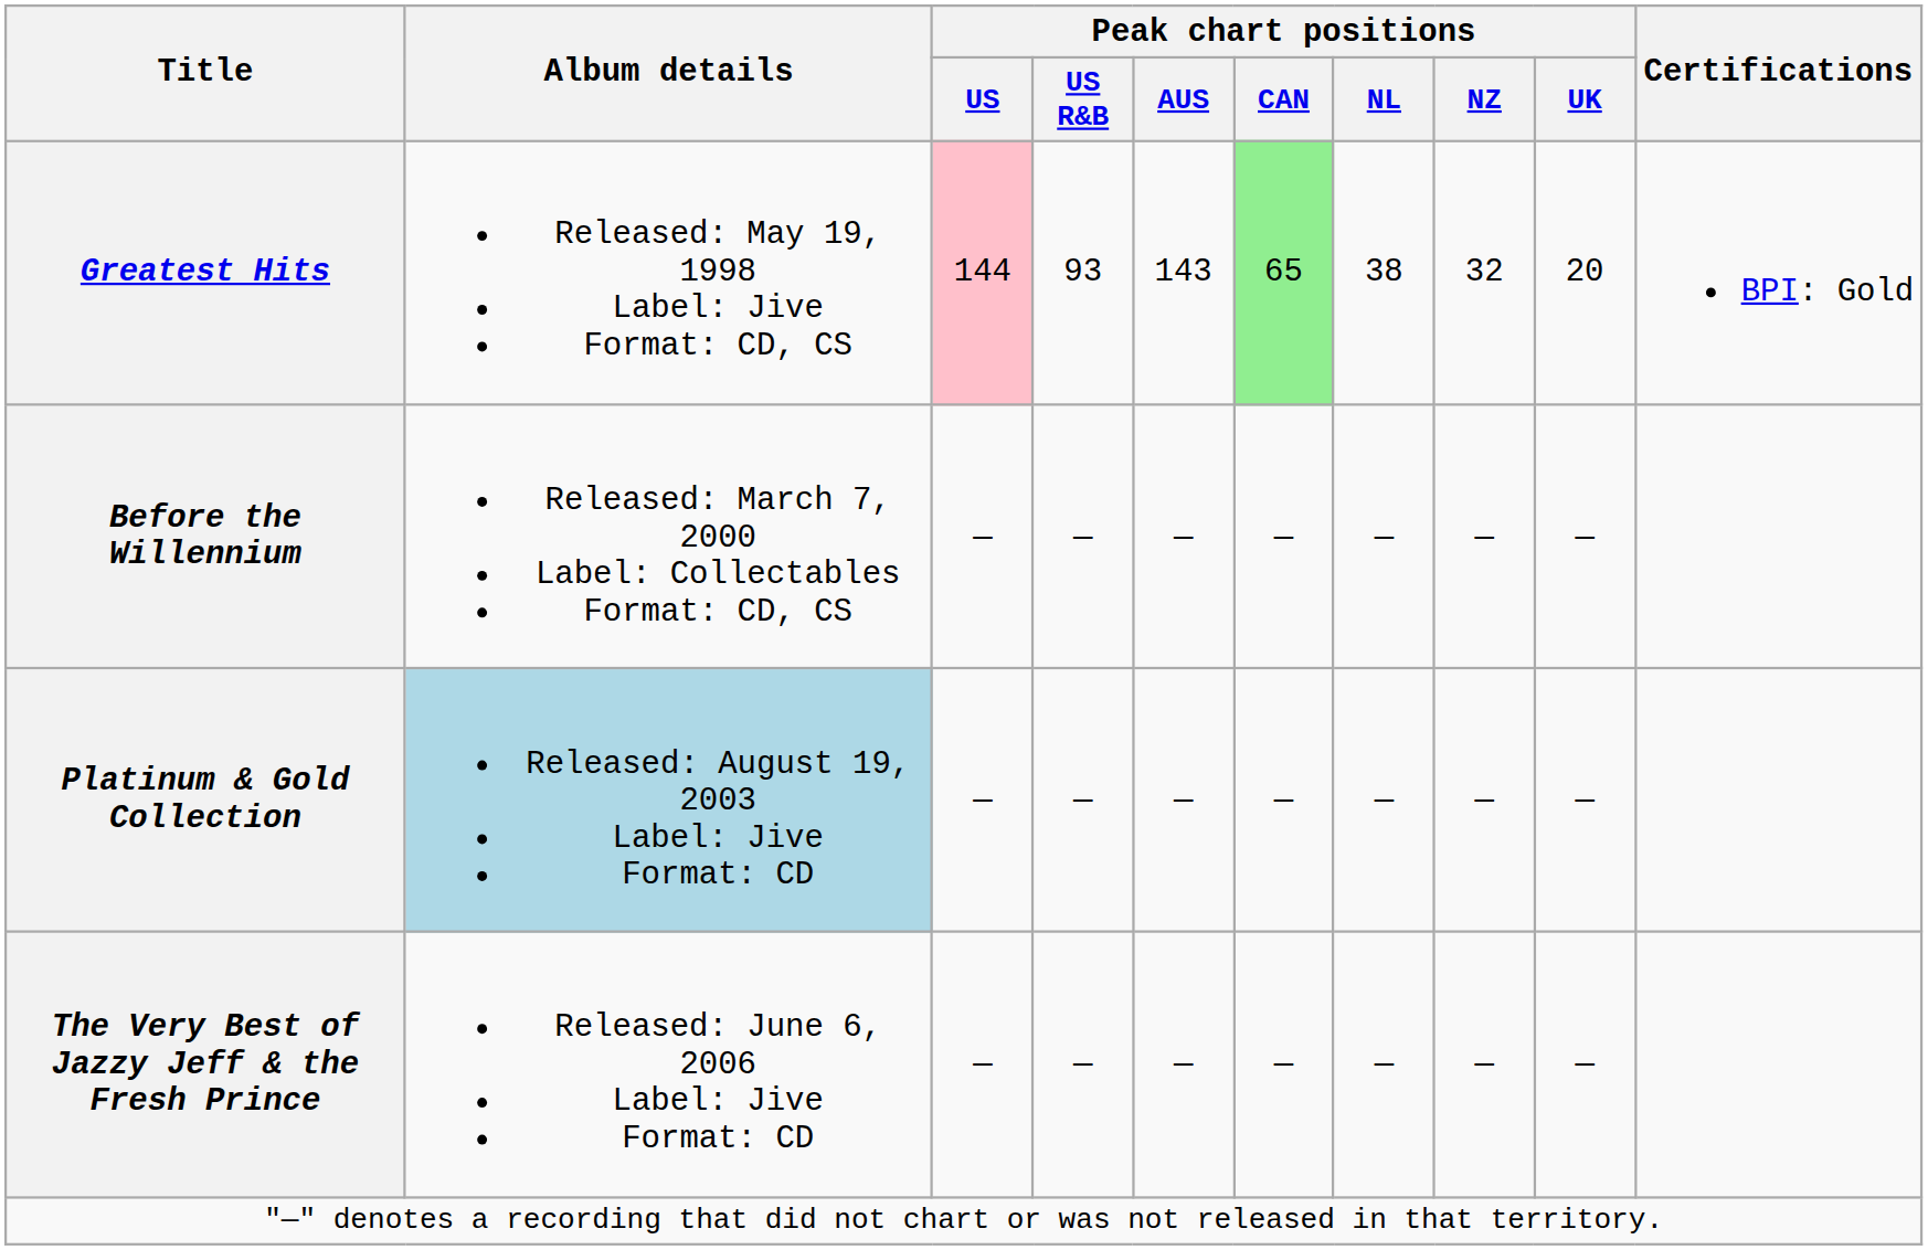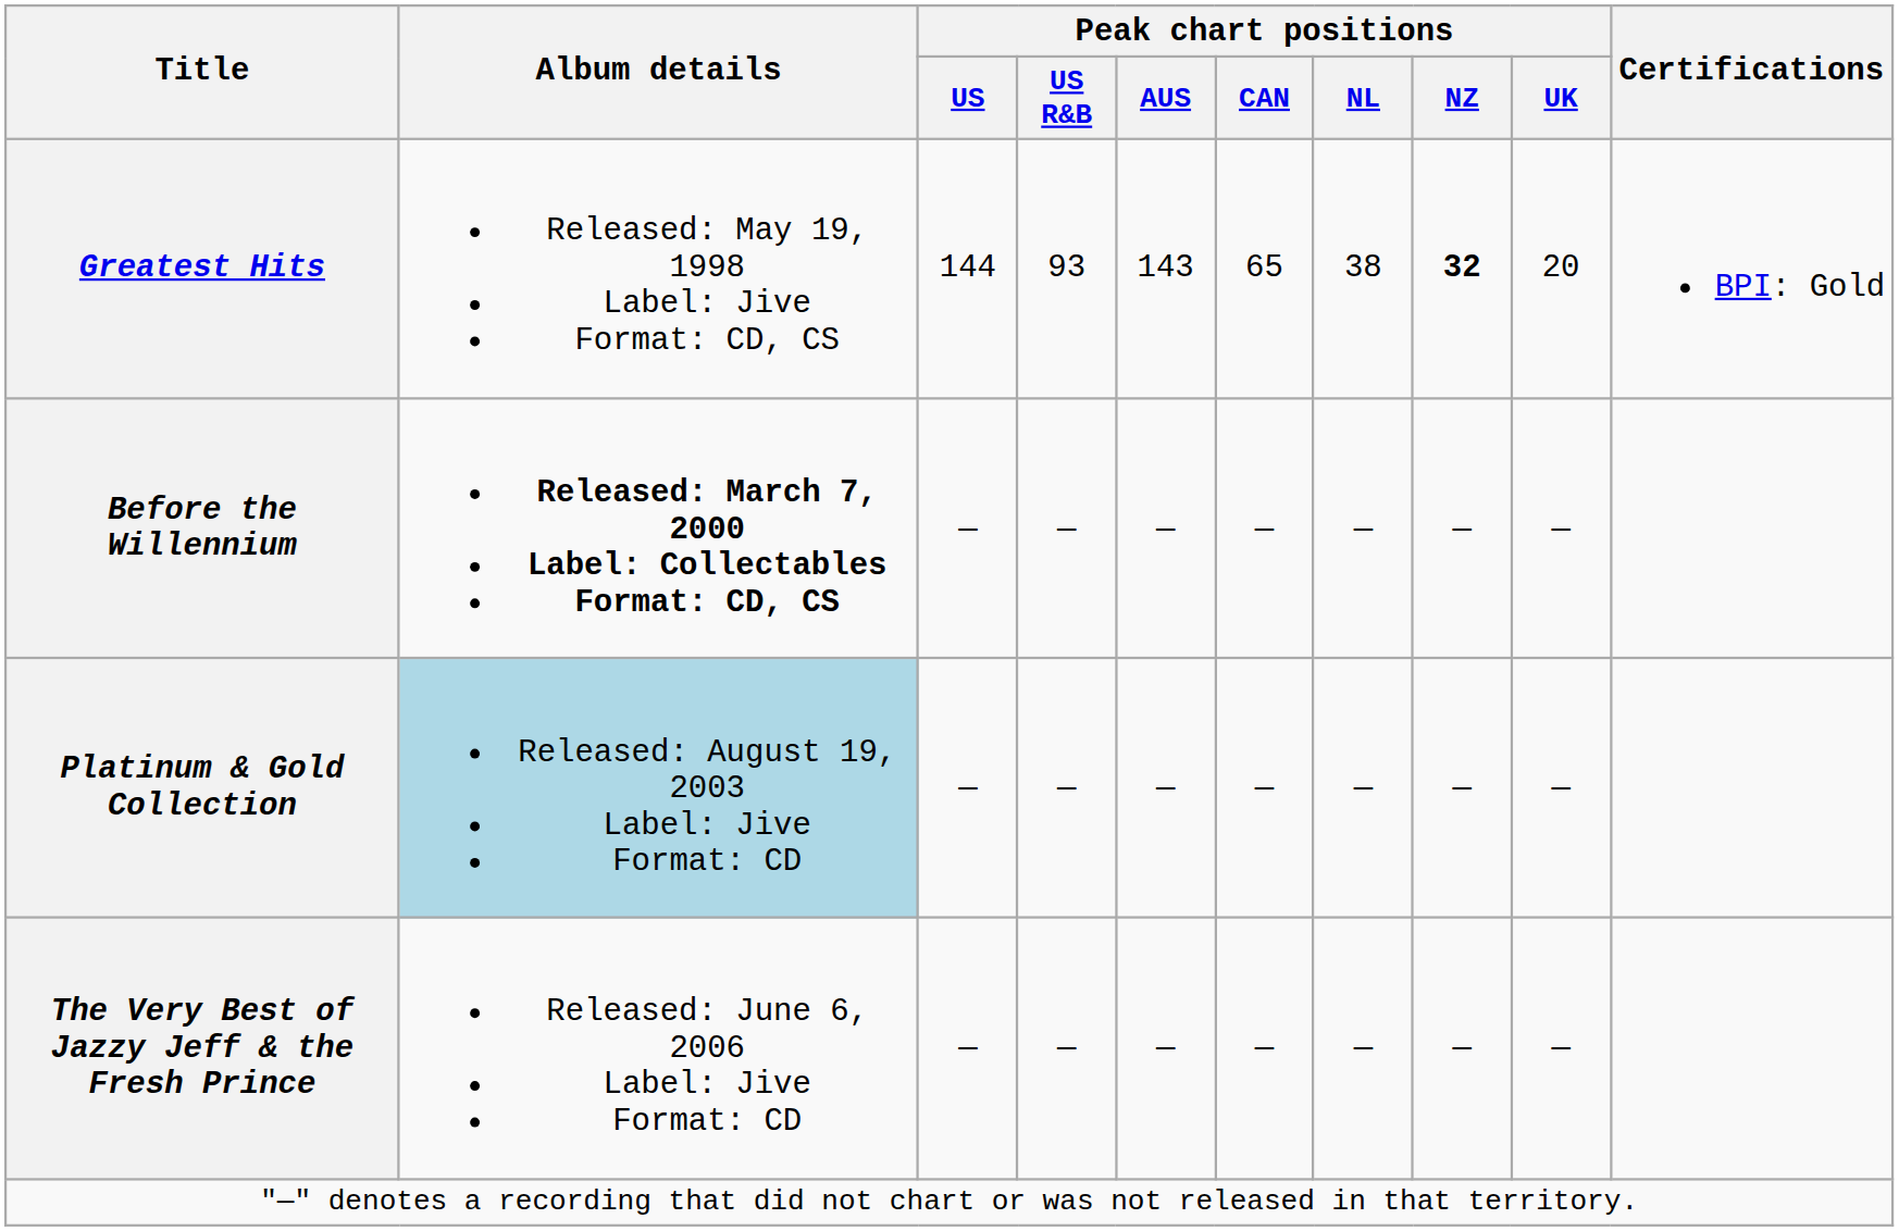 <table class="wikitable plainrowheaders" style="text-align:center;" border="1">
 <tr>
 <th scope="col" rowspan="2" style="width:12em;">Title</th>
 <th scope="col" rowspan="2" style="width:16em;">Album details</th>
 <th scope="col" colspan="7">Peak chart positions</th>
 <th scope="col" rowspan="2">Certifications</th>
 </tr>
 <tr>
 <th scope="col" style="width:3em;font-size:90%;"><a href='#'>US</a><br></th>
 <th scope="col" style="width:3em;font-size:90%;"><a href='#'>US R&B</a><br></th>
 <th scope="col" style="width:3em;font-size:90%;"><a href='#'>AUS</a><br></th>
 <th scope="col" style="width:3em;font-size:90%;"><a href='#'>CAN</a><br></th>
 <th scope="col" style="width:3em;font-size:90%;"><a href='#'>NL</a><br></th>
 <th scope="col" style="width:3em;font-size:90%;"><a href='#'>NZ</a><br></th>
 <th scope="col" style="width:3em;font-size:90%;"><a href='#'>UK</a><br></th>
 </tr>
 <tr>
 <th scope="row"><em><a href='#'>Greatest Hits</a></em></th>
 <td><br><ul><li>Released: May 19, 1998</li><li>Label: Jive</li><li>Format: CD, CS</li></ul></td>
-<td style="background: pink;">144</td>
+<td>144</td>
 <td>93</td>
 <td>143</td>
-<td style="background: lightgreen;">65</td>
+<td>65</td>
 <td>38</td>
-<td>32</td>
+<td><strong>32</strong></td>
 <td>20</td>
 <td><br><ul><li><a href='#'>BPI</a>: Gold</li></ul></td>
 </tr>
 <tr>
 <th scope="row"><em>Before the Willennium</em></th>
-<td><br><ul><li>Released: March 7, 2000</li><li>Label: Collectables</li><li>Format: CD, CS</li></ul></td>
+<td><strong><br><ul><li>Released: March 7, 2000</li><li>Label: Collectables</li><li>Format: CD, CS</li></ul></strong></td>
 <td>—</td>
 <td>—</td>
 <td>—</td>
 <td>—</td>
 <td>—</td>
 <td>—</td>
 <td>—</td>
 <td></td>
 </tr>
 <tr>
 <th scope="row"><em>Platinum & Gold Collection</em></th>
 <td style="background: lightblue;"><br><ul><li>Released: August 19, 2003</li><li>Label: Jive</li><li>Format: CD</li></ul></td>
 <td>—</td>
 <td>—</td>
 <td>—</td>
 <td>—</td>
 <td>—</td>
 <td>—</td>
 <td>—</td>
 <td></td>
 </tr>
 <tr>
 <th scope="row"><em>The Very Best of Jazzy Jeff & the Fresh Prince</em></th>
 <td><br><ul><li>Released: June 6, 2006</li><li>Label: Jive</li><li>Format: CD</li></ul></td>
 <td>—</td>
 <td>—</td>
 <td>—</td>
 <td>—</td>
 <td>—</td>
 <td>—</td>
 <td>—</td>
 <td></td>
 </tr>
 <tr>
 <td colspan="14" style="font-size:90%">"—" denotes a recording that did not chart or was not released in that territory.</td>
 </tr>
 </table>
